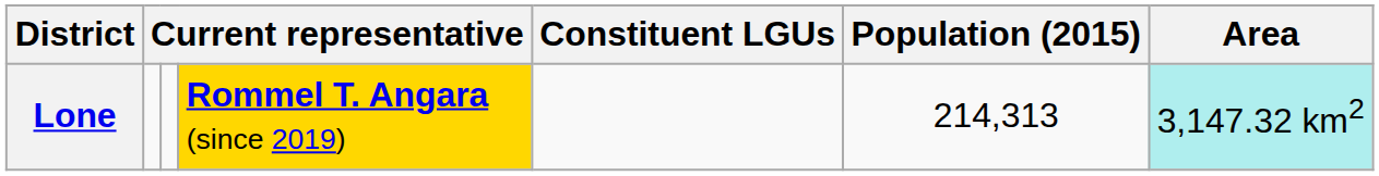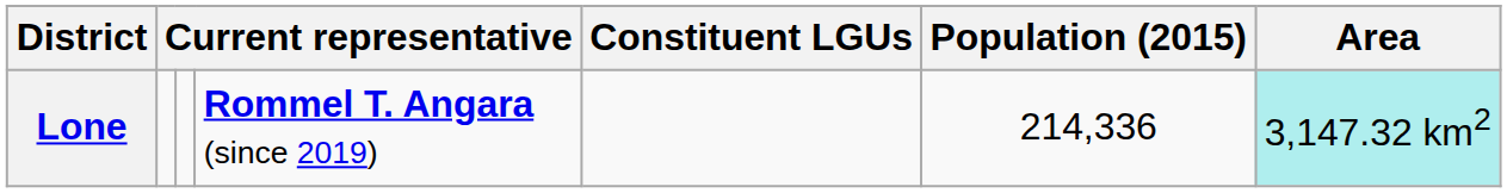 <table class="wikitable sortable" style="margin: 1em auto; font-size:100%; line-height:20px; text-align:center">
 <tr>
 <th>District</th>
 <th colspan="3">Current representative</th>
 <th>Constituent LGUs</th>
 <th>Population (2015)</th>
 <th>Area</th>
 </tr>
 <tr>
 <th><a href='#'>Lone</a></th>
 <td style="background:"></td>
 <td></td>
-<td style="background: gold; text-align:left;"><strong><a href='#'>Rommel T. Angara</a></strong><br><small>(since <a href='#'>2019</a>)</small></td>
+<td style="text-align:left;"><strong><a href='#'>Rommel T. Angara</a></strong><br><small>(since <a href='#'>2019</a>)</small></td>
 <td></td>
-<td>214,313</td>
+<td>214,336</td>
 <td style="background: paleturquoise;">3,147.32 km<sup>2</sup></td>
 </tr>
 </table>
